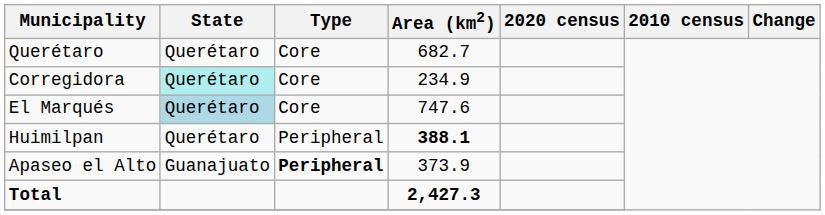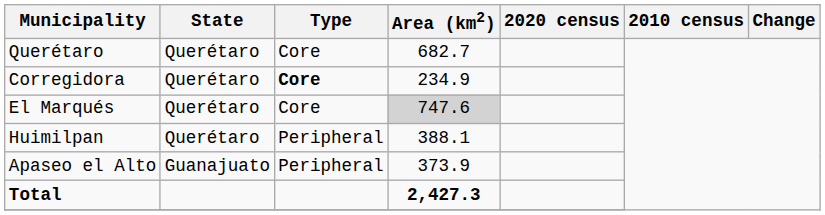 <table class="wikitable sortable">
 <tr>
 <th>Municipality</th>
 <th>State</th>
 <th>Type</th>
 <th>Area (km<sup>2</sup>)</th>
 <th>2020 census</th>
 <th>2010 census</th>
 <th>Change</th>
 </tr>
 <tr>
 <td align="left">Querétaro</td>
 <td align="left">Querétaro</td>
 <td align="left">Core</td>
 <td align="center">682.7</td>
 <td></td>
 </tr>
 <tr>
 <td align="left">Corregidora</td>
-<td align="left" style="background: paleturquoise;">Querétaro</td>
-<td align="left">Core</td>
+<td align="left">Querétaro</td>
+<td align="left"><strong>Core</strong></td>
 <td align="center">234.9</td>
 <td></td>
 </tr>
 <tr>
 <td align="left">El Marqués</td>
-<td align="left" style="background: lightblue;">Querétaro</td>
+<td align="left">Querétaro</td>
 <td align="left">Core</td>
-<td align="center">747.6</td>
+<td align="center" style="background: lightgrey;">747.6</td>
 <td></td>
 </tr>
 <tr>
 <td align="left">Huimilpan</td>
 <td align="left">Querétaro</td>
 <td align="left">Peripheral</td>
-<td align="center"><strong>388.1</strong></td>
+<td align="center">388.1</td>
 <td></td>
 </tr>
 <tr>
 <td align="left">Apaseo el Alto</td>
 <td align="left">Guanajuato</td>
-<td align="left"><strong>Peripheral</strong></td>
+<td align="left">Peripheral</td>
 <td align="center">373.9</td>
 <td></td>
 </tr>
 <tr>
 <td align="left"><strong>Total</strong></td>
 <td align="left"></td>
 <td align="left"></td>
 <td align="center"><strong>2,427.3</strong></td>
 <td></td>
 </tr>
 <tr>
 </tr>
 </table>
